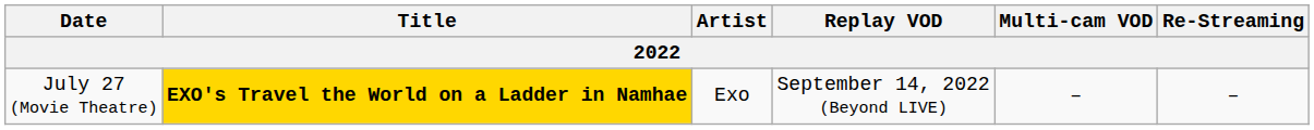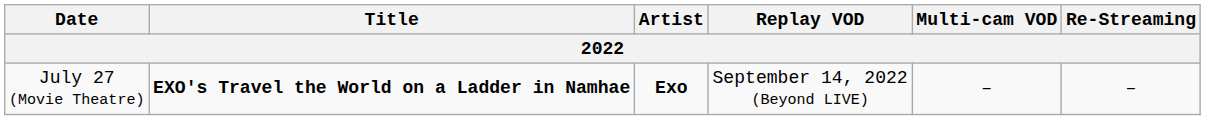 <table class="wikitable" style="text-align:center;">
 <tr>
 <th>Date</th>
 <th>Title</th>
 <th>Artist</th>
 <th>Replay VOD</th>
 <th>Multi-cam VOD</th>
 <th>Re-Streaming</th>
 </tr>
 <tr>
 <th colspan="6">2022</th>
 </tr>
 <tr>
 <td>July 27<br><small>(Movie Theatre)</small></td>
-<td style="background: gold;"><strong>EXO's Travel the World on a Ladder in Namhae</strong></td>
-<td>Exo</td>
+<td><strong>EXO's Travel the World on a Ladder in Namhae</strong></td>
+<td><strong>Exo</strong></td>
 <td>September 14, 2022<br><small>(Beyond LIVE)</small></td>
 <td>–</td>
 <td>–</td>
 </tr>
 </table>
